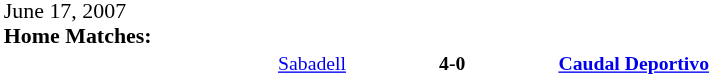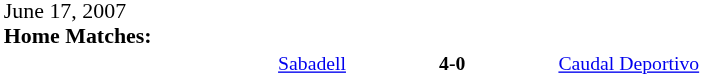 <table width=100% cellspacing=1>
 <tr>
 <th width=20%></th>
 <th width=12%></th>
 <th width=20%></th>
 <th></th>
 </tr>
 <tr>
 <td>June 17, 2007<br><strong>Home Matches:</strong></td>
 </tr>
 <tr style=font-size:90%>
 <td align=right><a href='#'>Sabadell</a></td>
 <td align=center><strong>4-0</strong></td>
-<td><strong><a href='#'>Caudal Deportivo</a></strong></td>
+<td><a href='#'>Caudal Deportivo</a></td>
 </tr>
 </table>
